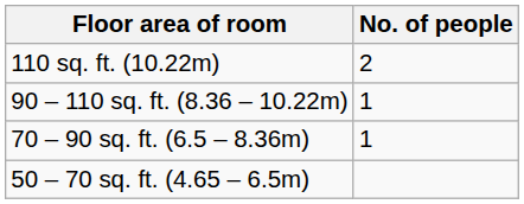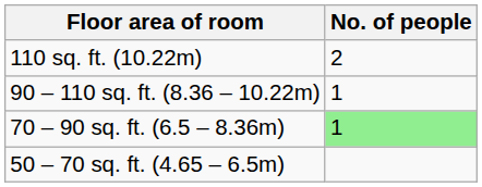 <table class="wikitable">
 <tr>
 <th>Floor area of room</th>
 <th>No. of people</th>
 </tr>
 <tr>
 <td>110 sq. ft. (10.22m)</td>
 <td>2</td>
 </tr>
 <tr>
 <td>90 ‒ 110 sq. ft. (8.36 ‒ 10.22m)</td>
 <td>1 </td>
 </tr>
 <tr>
 <td>70 ‒ 90 sq. ft. (6.5 ‒ 8.36m)</td>
-<td>1</td>
+<td style="background: lightgreen;">1</td>
 </tr>
 <tr>
 <td>50 ‒ 70 sq. ft. (4.65 ‒ 6.5m)</td>
 <td></td>
 </tr>
 </table>
